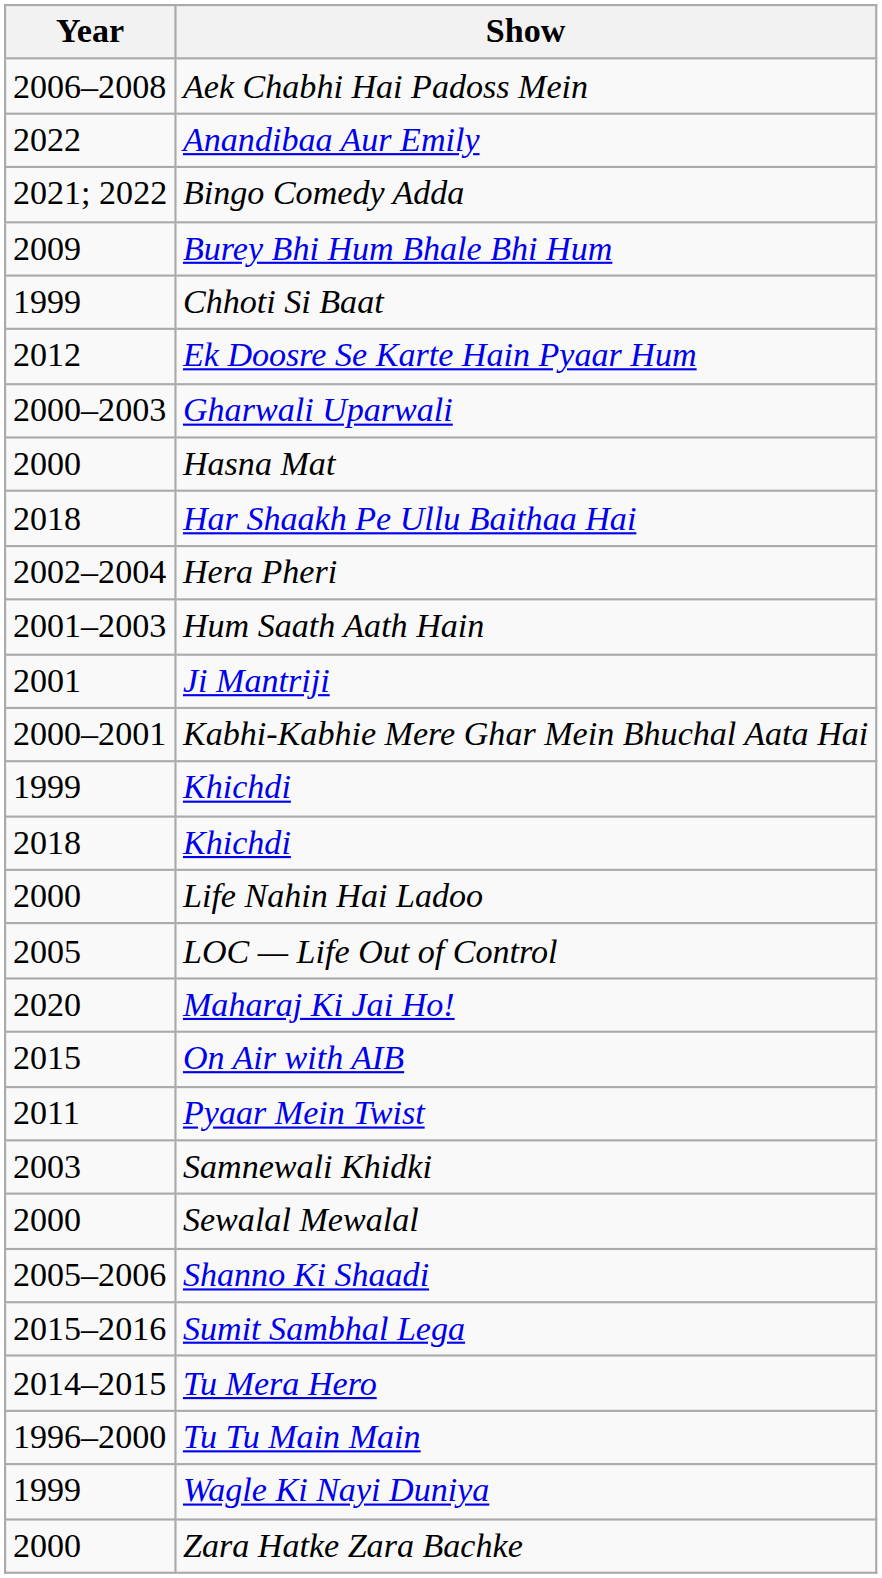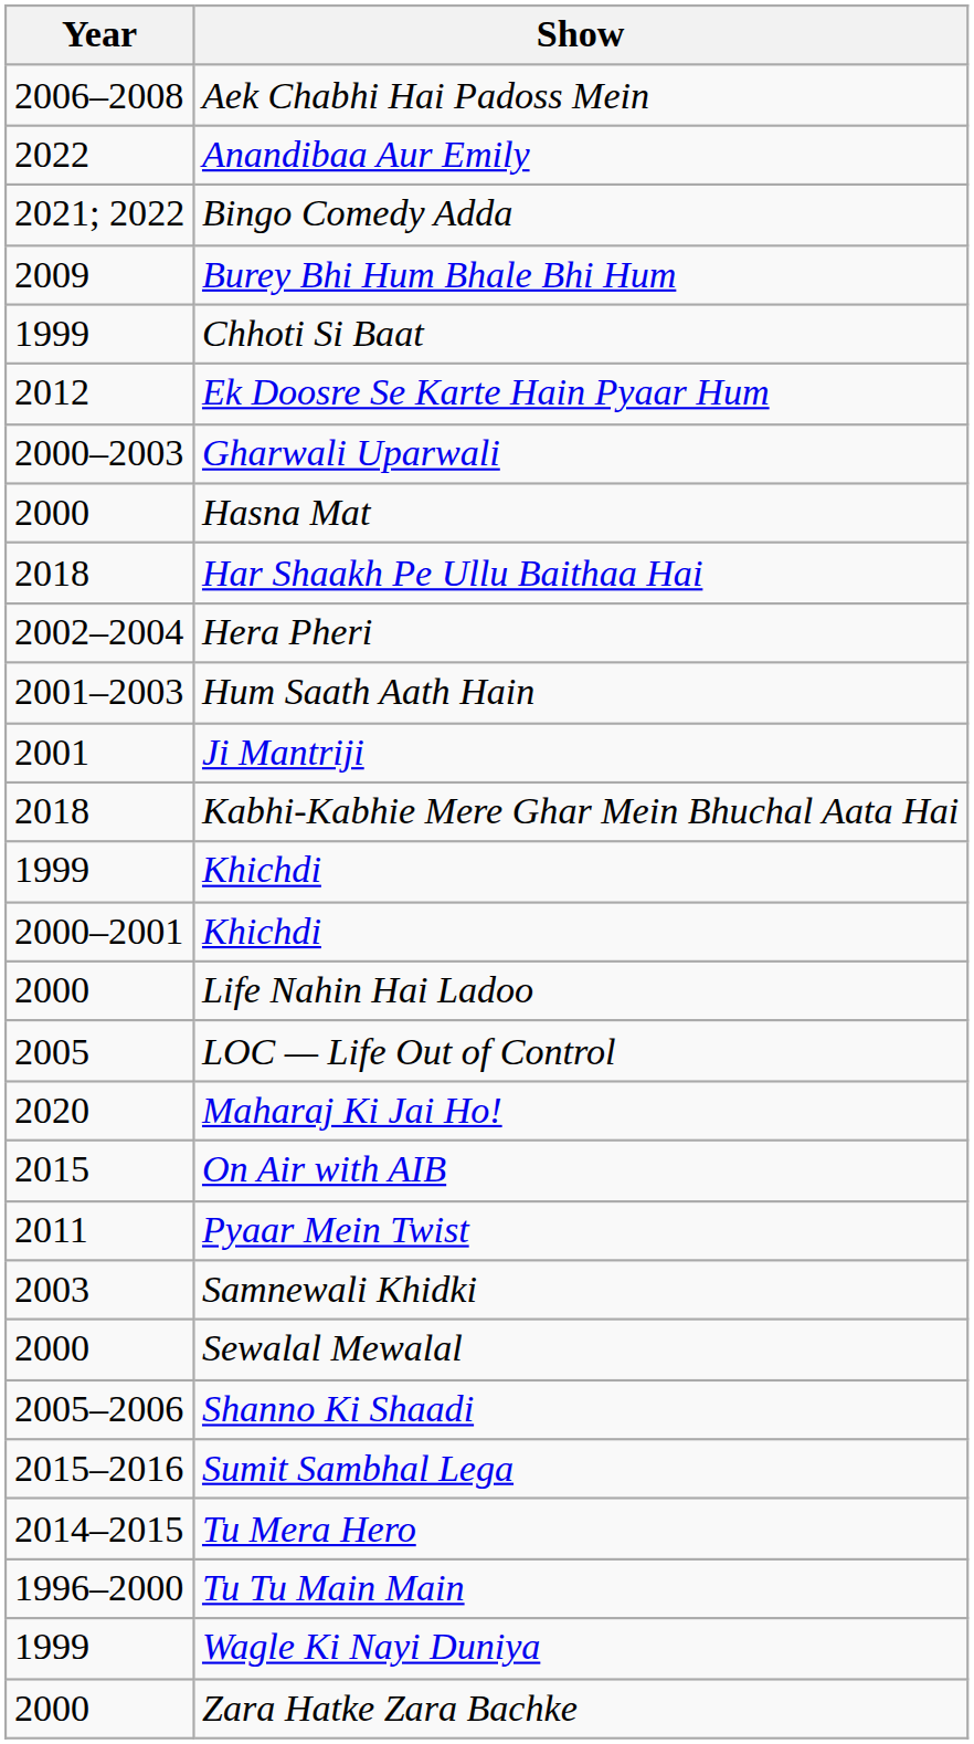 <table class="wikitable sortable">
 <tr>
 <th>Year</th>
 <th>Show</th>
 </tr>
 <tr>
 <td>2006–2008</td>
 <td><em>Aek Chabhi Hai Padoss Mein</em></td>
 </tr>
 <tr>
 <td>2022</td>
 <td><em><a href='#'>Anandibaa Aur Emily</a></em></td>
 </tr>
 <tr>
 <td>2021; 2022</td>
 <td><em>Bingo Comedy Adda</em></td>
 </tr>
 <tr>
 <td>2009</td>
 <td><em><a href='#'>Burey Bhi Hum Bhale Bhi Hum</a></em></td>
 </tr>
 <tr>
 <td>1999</td>
 <td><em>Chhoti Si Baat</em></td>
 </tr>
 <tr>
 <td>2012</td>
 <td><em><a href='#'>Ek Doosre Se Karte Hain Pyaar Hum</a></em></td>
 </tr>
 <tr>
 <td>2000–2003</td>
 <td><em><a href='#'>Gharwali Uparwali</a></em></td>
 </tr>
 <tr>
 <td>2000</td>
 <td><em>Hasna Mat</em></td>
 </tr>
 <tr>
 <td>2018</td>
 <td><em><a href='#'>Har Shaakh Pe Ullu Baithaa Hai</a></em></td>
 </tr>
 <tr>
 <td>2002–2004</td>
 <td><em>Hera Pheri</em></td>
 </tr>
 <tr>
 <td>2001–2003</td>
 <td><em>Hum Saath Aath Hain</em></td>
 </tr>
 <tr>
 <td>2001</td>
 <td><em><a href='#'>Ji Mantriji</a></em></td>
 </tr>
 <tr>
-<td>2000–2001</td>
+<td>2018</td>
 <td><em>Kabhi-Kabhie Mere Ghar Mein Bhuchal Aata Hai</em></td>
 </tr>
 <tr>
 <td>1999</td>
 <td><em><a href='#'>Khichdi</a></em></td>
 </tr>
 <tr>
-<td>2018</td>
+<td>2000–2001</td>
 <td><em><a href='#'>Khichdi</a></em></td>
 </tr>
 <tr>
 <td>2000</td>
 <td><em>Life Nahin Hai Ladoo</em></td>
 </tr>
 <tr>
 <td>2005</td>
 <td><em>LOC — Life Out of Control</em></td>
 </tr>
 <tr>
 <td>2020</td>
 <td><em><a href='#'>Maharaj Ki Jai Ho!</a></em></td>
 </tr>
 <tr>
 <td>2015</td>
 <td><em><a href='#'>On Air with AIB</a></em></td>
 </tr>
 <tr>
 <td>2011</td>
 <td><em><a href='#'>Pyaar Mein Twist</a></em></td>
 </tr>
 <tr>
 <td>2003</td>
 <td><em>Samnewali Khidki</em></td>
 </tr>
 <tr>
 <td>2000</td>
 <td><em>Sewalal Mewalal</em></td>
 </tr>
 <tr>
 <td>2005–2006</td>
 <td><em><a href='#'>Shanno Ki Shaadi</a></em></td>
 </tr>
 <tr>
 <td>2015–2016</td>
 <td><em><a href='#'>Sumit Sambhal Lega</a></em></td>
 </tr>
 <tr>
 <td>2014–2015</td>
 <td><em><a href='#'>Tu Mera Hero</a></em></td>
 </tr>
 <tr>
 <td>1996–2000</td>
 <td><em><a href='#'>Tu Tu Main Main</a></em></td>
 </tr>
 <tr>
 <td>1999</td>
 <td><em><a href='#'>Wagle Ki Nayi Duniya</a></em></td>
 </tr>
 <tr>
 <td>2000</td>
 <td><em>Zara Hatke Zara Bachke</em></td>
 </tr>
 </table>
